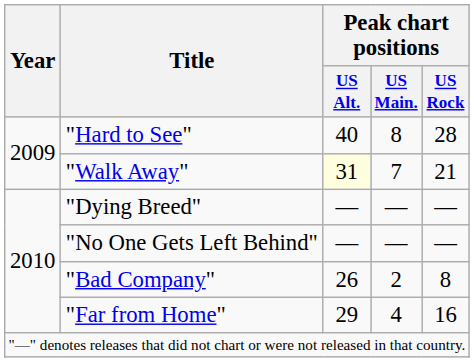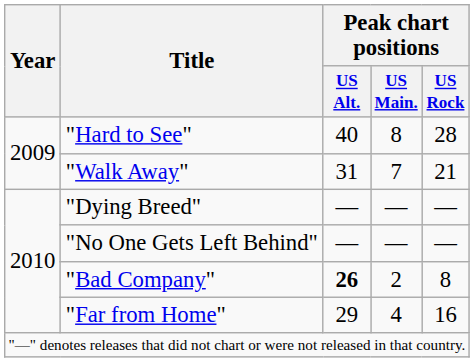 <table class="wikitable">
 <tr>
 <th rowspan="2">Year</th>
 <th rowspan="2">Title</th>
 <th colspan="4">Peak chart positions</th>
 </tr>
 <tr>
 <th style="width:2.3em;font-size:75%"><a href='#'>US<br>Alt.</a></th>
 <th style="width:2.3em;font-size:75%"><a href='#'>US<br>Main.</a></th>
 <th style="width:2.3em;font-size:75%"><a href='#'>US<br>Rock</a></th>
 </tr>
 <tr>
 <td rowspan="2">2009</td>
 <td>"<a href='#'>Hard to See</a>"</td>
 <td align="center">40</td>
 <td align="center">8</td>
 <td align="center">28</td>
 </tr>
 <tr>
 <td>"<a href='#'>Walk Away</a>"</td>
-<td align="center" style="background: lightyellow;">31</td>
+<td align="center">31</td>
 <td align="center">7</td>
 <td align="center">21</td>
 </tr>
 <tr>
 <td rowspan="4">2010</td>
 <td>"Dying Breed"</td>
 <td align="center">—</td>
 <td align="center">—</td>
 <td align="center">—</td>
 </tr>
 <tr>
 <td>"No One Gets Left Behind"</td>
 <td align="center">—</td>
 <td align="center">—</td>
 <td align="center">—</td>
 </tr>
 <tr>
 <td>"<a href='#'>Bad Company</a>"</td>
-<td align="center">26</td>
+<td align="center"><strong>26</strong></td>
 <td align="center">2</td>
 <td align="center">8</td>
 </tr>
 <tr>
 <td>"<a href='#'>Far from Home</a>"</td>
 <td align="center">29</td>
 <td align="center">4</td>
 <td align="center">16</td>
 </tr>
 <tr>
 <td align="center" colspan="7" style="font-size: 8pt">"—" denotes releases that did not chart or were not released in that country.</td>
 </tr>
 </table>
